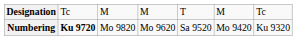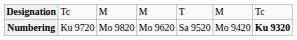 <table class="wikitable">
 <tr>
 <th>Designation</th>
 <td>Tc</td>
 <td>M</td>
 <td>M</td>
 <td>T</td>
 <td>M</td>
 <td>Tc</td>
 </tr>
 <tr>
 <th>Numbering</th>
-<td><strong>Ku 9720</strong></td>
+<td>Ku 9720</td>
 <td>Mo 9820</td>
 <td>Mo 9620</td>
 <td>Sa 9520</td>
 <td>Mo 9420</td>
-<td>Ku 9320</td>
+<td><strong>Ku 9320</strong></td>
 </tr>
 </table>
